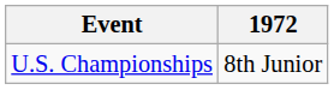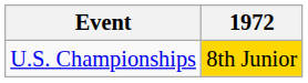 <table class="wikitable" style="text-align:center">
 <tr>
 <th>Event</th>
 <th>1972</th>
 </tr>
 <tr>
 <td align=left><a href='#'>U.S. Championships</a></td>
-<td>8th Junior</td>
+<td style="background: gold;">8th Junior</td>
 </tr>
 </table>
